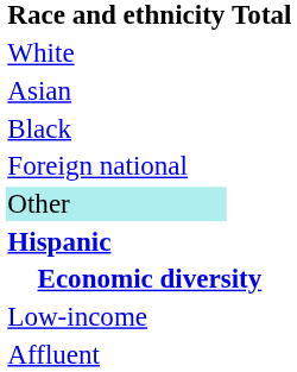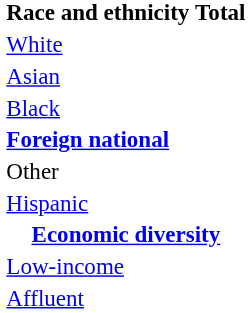 <table font-size:80%;">
 <tr>
 <th>Race and ethnicity</th>
 <th colspan="2" data-sort-type=number>Total</th>
 </tr>
 <tr>
 <td><a href='#'>White</a></td>
 <td align=right></td>
 </tr>
 <tr>
 <td><a href='#'>Asian</a></td>
 <td align=right></td>
 </tr>
 <tr>
 <td><a href='#'>Black</a></td>
 <td align=right></td>
 </tr>
 <tr>
-<td><a href='#'>Foreign national</a></td>
+<td><strong><a href='#'>Foreign national</a></strong></td>
 <td align=right></td>
 </tr>
 <tr>
-<td style="background: paleturquoise;">Other</td>
+<td>Other</td>
 <td align=right></td>
 </tr>
 <tr>
-<td><strong><a href='#'>Hispanic</a></strong></td>
+<td><a href='#'>Hispanic</a></td>
 <td align=right></td>
 </tr>
 <tr>
 <th colspan="4" data-sort-type=number><a href='#'>Economic diversity</a></th>
 </tr>
 <tr>
 <td><a href='#'>Low-income</a></td>
 <td align=right></td>
 </tr>
 <tr>
 <td><a href='#'>Affluent</a></td>
 <td align=right></td>
 </tr>
 </table>
